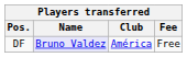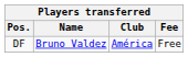 <table class="wikitable" style="font-size:95%;">
 <tr>
 <th colspan="5">Players transferred</th>
 </tr>
 <tr>
 <th>Pos.</th>
 <th>Name</th>
 <th>Club</th>
 <th>Fee</th>
 </tr>
 <tr>
 <td align="center">DF</td>
-<td style="background: lavender;"> <a href='#'>Bruno Valdez</a></td>
+<td> <a href='#'>Bruno Valdez</a></td>
 <td> <a href='#'>América</a></td>
 <td>Free</td>
 </tr>
 </table>
